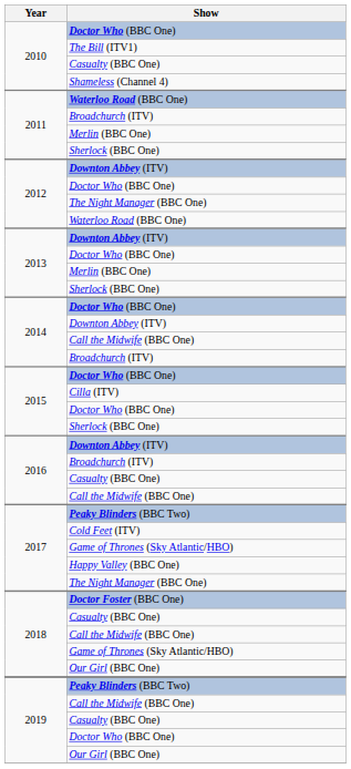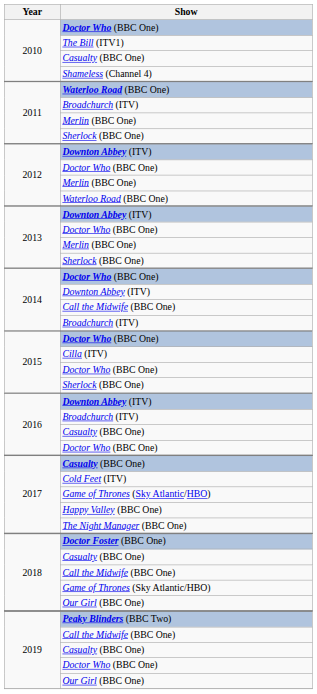 <table class="wikitable" width="40%" cellpadding="5">
 <tr>
 <th width="100"><strong>Year</strong></th>
 <th width="500"><strong>Show</strong></th>
 </tr>
 <tr>
 <td rowspan="4" style="text-align:center;">2010</td>
 <td style="background:#B0C4DE;"><strong><em><a href='#'>Doctor Who</a></em></strong> (BBC One)</td>
 </tr>
 <tr>
 <td><em><a href='#'>The Bill</a></em> (ITV1)</td>
 </tr>
 <tr>
 <td><em><a href='#'>Casualty</a></em> (BBC One)</td>
 </tr>
 <tr>
 <td><em><a href='#'>Shameless</a></em> (Channel 4)</td>
 </tr>
 <tr>
 </tr>
 <tr style="border-top:2px solid gray;">
 <td rowspan="4" style="text-align:center;">2011</td>
 <td style="background:#B0C4DE;"><strong><em><a href='#'>Waterloo Road</a></em></strong> (BBC One)</td>
 </tr>
 <tr>
 <td><em><a href='#'>Broadchurch</a></em> (ITV)</td>
 </tr>
 <tr>
 <td><em><a href='#'>Merlin</a></em> (BBC One)</td>
 </tr>
 <tr>
 <td><em><a href='#'>Sherlock</a></em> (BBC One)</td>
 </tr>
 <tr>
 </tr>
 <tr style="border-top:2px solid gray;">
 <td rowspan="4" style="text-align:center;">2012</td>
 <td style="background:#B0C4DE;"><strong><em><a href='#'>Downton Abbey</a></em></strong> (ITV)</td>
 </tr>
 <tr>
 <td><em><a href='#'>Doctor Who</a></em> (BBC One)</td>
 </tr>
 <tr>
-<td><em><a href='#'>The Night Manager</a></em> (BBC One)</td>
+<td><em><a href='#'>Merlin</a></em> (BBC One)</td>
 </tr>
 <tr>
 <td><em><a href='#'>Waterloo Road</a></em> (BBC One)</td>
 </tr>
 <tr>
 </tr>
 <tr style="border-top:2px solid gray;">
 <td rowspan="4" style="text-align:center;">2013</td>
 <td style="background:#B0C4DE;"><strong><em><a href='#'>Downton Abbey</a></em></strong> (ITV)</td>
 </tr>
 <tr>
 <td><em><a href='#'>Doctor Who</a></em> (BBC One)</td>
 </tr>
 <tr>
 <td><em><a href='#'>Merlin</a></em> (BBC One)</td>
 </tr>
 <tr>
 <td><em><a href='#'>Sherlock</a></em> (BBC One)</td>
 </tr>
 <tr>
 </tr>
 <tr style="border-top:2px solid gray;">
 <td rowspan="4" style="text-align:center;">2014</td>
 <td style="background:#B0C4DE;"><strong><em><a href='#'>Doctor Who</a></em></strong> (BBC One)</td>
 </tr>
 <tr>
 <td><em><a href='#'>Downton Abbey</a></em> (ITV)</td>
 </tr>
 <tr>
 <td><em><a href='#'>Call the Midwife</a></em> (BBC One)</td>
 </tr>
 <tr>
 <td><em><a href='#'>Broadchurch</a></em> (ITV)</td>
 </tr>
 <tr style="border-top:2px solid gray;">
 <td rowspan="4" style="text-align:center;">2015</td>
 <td style="background:#B0C4DE;"><strong><em><a href='#'>Doctor Who</a></em></strong> (BBC One)</td>
 </tr>
 <tr>
 <td><em><a href='#'>Cilla</a></em> (ITV)</td>
 </tr>
 <tr>
 <td><em><a href='#'>Doctor Who</a></em> (BBC One)</td>
 </tr>
 <tr>
 <td><em><a href='#'>Sherlock</a></em> (BBC One)</td>
 </tr>
 <tr style="border-top:2px solid gray;">
 <td rowspan="4" style="text-align:center;">2016</td>
 <td style="background:#B0C4DE;"><strong><em><a href='#'>Downton Abbey</a></em></strong> (ITV)</td>
 </tr>
 <tr>
 <td><em><a href='#'>Broadchurch</a></em> (ITV)</td>
 </tr>
 <tr>
 <td><em><a href='#'>Casualty</a></em> (BBC One)</td>
 </tr>
 <tr>
-<td><em><a href='#'>Call the Midwife</a></em> (BBC One)</td>
+<td><em><a href='#'>Doctor Who</a></em> (BBC One)</td>
 </tr>
 <tr>
 </tr>
 <tr style="border-top:2px solid gray;">
 </tr>
 <tr style="border-top:2px solid gray;">
 <td rowspan="5" style="text-align:center;">2017</td>
-<td style="background:#B0C4DE;"><strong><em><a href='#'>Peaky Blinders</a></em></strong> (BBC Two)</td>
+<td style="background:#B0C4DE;"><strong><em><a href='#'>Casualty</a></em></strong> (BBC One)</td>
 </tr>
 <tr>
 <td><em><a href='#'>Cold Feet</a></em> (ITV)</td>
 </tr>
 <tr>
 <td><em><a href='#'>Game of Thrones</a></em> (<a href='#'>Sky Atlantic</a>/<a href='#'>HBO</a>)</td>
 </tr>
 <tr>
 <td><em><a href='#'>Happy Valley</a></em> (BBC One)</td>
 </tr>
 <tr>
 <td><em><a href='#'>The Night Manager</a></em> (BBC One)</td>
 </tr>
 <tr>
 </tr>
 <tr style="border-top:2px solid gray;">
 </tr>
 <tr style="border-top:2px solid gray;">
 <td rowspan="5" style="text-align:center;">2018</td>
 <td style="background:#B0C4DE;"><strong><em><a href='#'>Doctor Foster</a></em></strong> (BBC One)</td>
 </tr>
 <tr>
 <td><em><a href='#'>Casualty</a></em> (BBC One)</td>
 </tr>
 <tr>
 <td><em><a href='#'>Call the Midwife</a></em> (BBC One)</td>
 </tr>
 <tr>
 <td><em><a href='#'>Game of Thrones</a></em> (Sky Atlantic/HBO)</td>
 </tr>
 <tr>
 <td><em><a href='#'>Our Girl</a></em> (BBC One)</td>
 </tr>
 <tr>
 </tr>
 <tr style="border-top:2px solid gray;">
 </tr>
 <tr style="border-top:2px solid gray;">
 <td rowspan="5" style="text-align:center;">2019</td>
 <td style="background:#B0C4DE;"><strong><em><a href='#'>Peaky Blinders</a></em></strong> (BBC Two)</td>
 </tr>
 <tr>
 <td><em><a href='#'>Call the Midwife</a></em> (BBC One)</td>
 </tr>
 <tr>
 <td><em><a href='#'>Casualty</a></em> (BBC One)</td>
 </tr>
 <tr>
 <td><em><a href='#'>Doctor Who</a></em> (BBC One)</td>
 </tr>
 <tr>
 <td><em><a href='#'>Our Girl</a></em> (BBC One)</td>
 </tr>
 <tr>
 </tr>
 </table>
